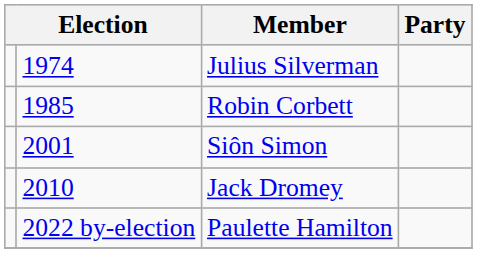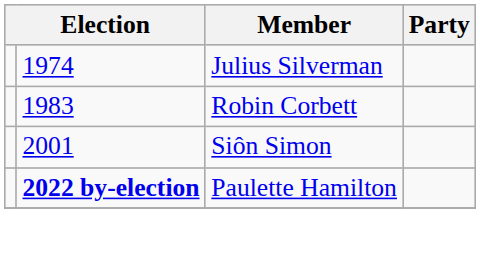 <table class="wikitable">
 <tr>
 <th colspan="2">Election</th>
 <th>Member</th>
 <th>Party</th>
 </tr>
 <tr>
 <td style="color:inherit;background-color: "></td>
 <td><a href='#'>1974</a></td>
 <td><a href='#'>Julius Silverman</a></td>
 <td></td>
 </tr>
 <tr>
 <td style="color:inherit;background-color: "></td>
-<td><a href='#'>1985</a></td>
+<td><a href='#'>1983</a></td>
 <td><a href='#'>Robin Corbett</a></td>
 <td></td>
 </tr>
 <tr>
 <td style="color:inherit;background-color: "></td>
 <td><a href='#'>2001</a></td>
 <td><a href='#'>Siôn Simon</a></td>
 <td></td>
 </tr>
 <tr>
 <td style="color:inherit;background-color: "></td>
-<td><a href='#'>2010</a></td>
-<td><a href='#'>Jack Dromey</a></td>
-<td></td>
-</tr>
-<tr>
-<td style="color:inherit;background-color: "></td>
-<td><a href='#'>2022 by-election</a></td>
+<td><strong><a href='#'>2022 by-election</a></strong></td>
 <td><a href='#'>Paulette Hamilton</a></td>
 <td></td>
 </tr>
 <tr>
 </tr>
 </table>
